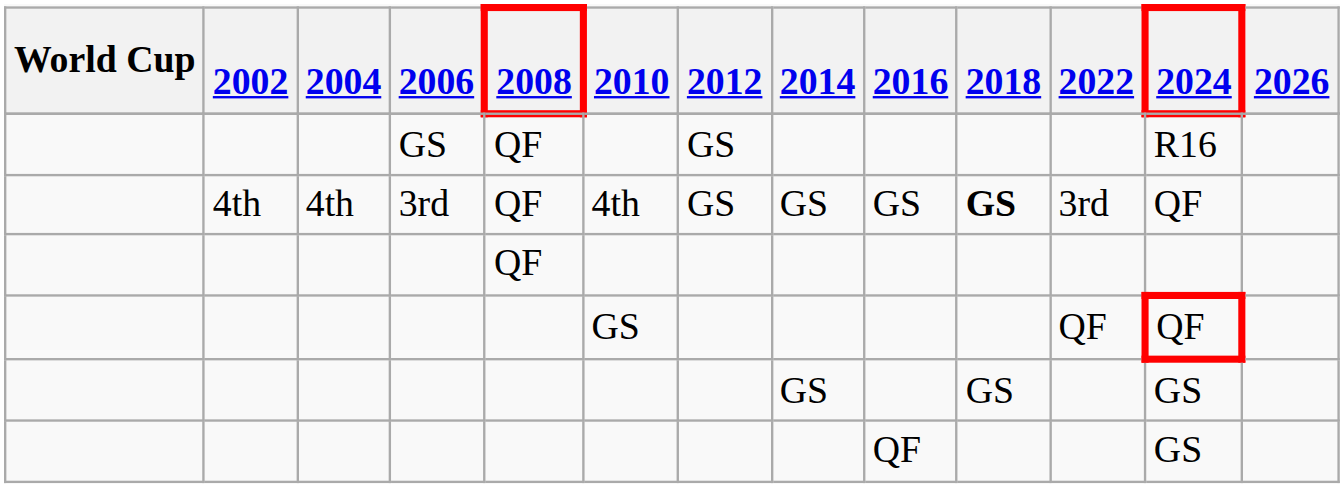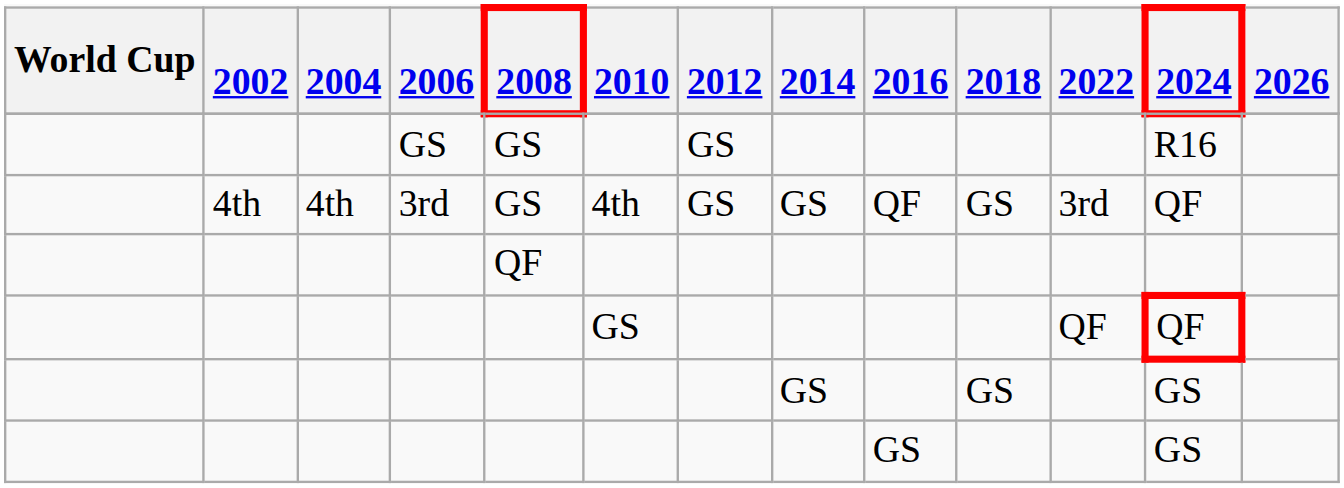 <table class="wikitable">
 <tr>
 <th>World Cup</th>
 <th><br><a href='#'>2002</a></th>
 <th><br><a href='#'>2004</a></th>
 <th><br><a href='#'>2006</a></th>
 <th style="border: 3px solid red"><br><a href='#'>2008</a></th>
 <th><br><a href='#'>2010</a></th>
 <th><br><a href='#'>2012</a></th>
 <th><br><a href='#'>2014</a></th>
 <th><br><a href='#'>2016</a></th>
 <th><br><a href='#'>2018</a></th>
 <th><br><a href='#'>2022</a></th>
 <th style="border: 3px solid red"><br><a href='#'>2024</a></th>
 <th><br><a href='#'>2026</a></th>
 </tr>
 <tr>
 </tr>
 <tr>
 <td></td>
 <td></td>
 <td></td>
 <td>GS</td>
-<td>QF</td>
+<td>GS</td>
 <td></td>
 <td>GS</td>
 <td></td>
 <td></td>
 <td></td>
 <td></td>
 <td>R16</td>
 <td></td>
 </tr>
 <tr>
 <td></td>
 <td>4th</td>
 <td>4th</td>
 <td>3rd</td>
-<td>QF</td>
+<td>GS</td>
 <td>4th</td>
 <td>GS</td>
 <td>GS</td>
+<td>QF</td>
 <td>GS</td>
-<td><strong>GS</strong></td>
 <td>3rd</td>
 <td>QF</td>
 <td></td>
 </tr>
 <tr>
 <td></td>
 <td></td>
 <td></td>
 <td></td>
 <td>QF</td>
 <td></td>
 <td></td>
 <td></td>
 <td></td>
 <td></td>
 <td></td>
 <td></td>
 <td></td>
 </tr>
 <tr>
 <td></td>
 <td></td>
 <td></td>
 <td></td>
 <td></td>
 <td>GS</td>
 <td></td>
 <td></td>
 <td></td>
 <td></td>
 <td>QF</td>
 <td style="border: 3px solid red">QF</td>
 <td></td>
 </tr>
 <tr>
 <td></td>
 <td></td>
 <td></td>
 <td></td>
 <td></td>
 <td></td>
 <td></td>
 <td>GS</td>
 <td></td>
 <td>GS</td>
 <td></td>
 <td>GS</td>
 <td></td>
 </tr>
 <tr>
 <td></td>
 <td></td>
 <td></td>
 <td></td>
 <td></td>
 <td></td>
 <td></td>
 <td></td>
-<td>QF</td>
+<td>GS</td>
 <td></td>
 <td></td>
 <td>GS</td>
 <td></td>
 </tr>
 </table>
